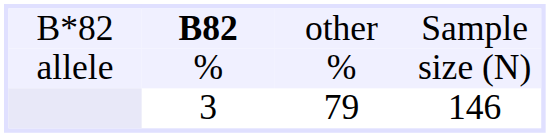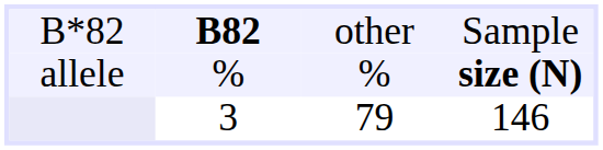 <table border="0" cellspacing="0" cellpadding="0" align="left" style="text-align:center; background:#ffffff; margin-right: 1em; border:2px #e0e0ff solid;">
 <tr style="background:#f0f0ff">
 <td style="width:60px">B*82</td>
 <td style="width:60px"><strong>B82</strong></td>
 <td style="width:60px">other</td>
 <td style="width:60px">Sample</td>
 </tr>
 <tr style="background:#f0f0ff">
 <td>allele</td>
 <td>%</td>
 <td>%</td>
-<td>size (N)</td>
+<td><strong>size (N)</strong></td>
 </tr>
 <tr>
 <td style = "background:#e8e8f8"></td>
 <td>3</td>
 <td>79</td>
 <td>146</td>
 </tr>
 </table>
